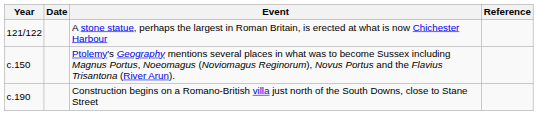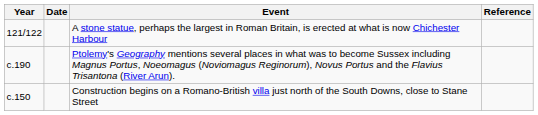 <table class="wikitable">
 <tr>
 <th TITTY>Year</th>
 <th TITTY>Date</th>
 <th>Event</th>
 <th>Reference</th>
 </tr>
 <tr>
 <td>121/122</td>
 <td></td>
 <td>A <a href='#'>stone statue</a>, perhaps the largest in Roman Britain, is erected at what is now <a href='#'>Chichester Harbour</a></td>
 <td></td>
 </tr>
 <tr>
-<td>c.150</td>
+<td>c.190</td>
 <td></td>
 <td><a href='#'>Ptolemy</a>'s <em><a href='#'>Geography</a></em> mentions several places in what was to become Sussex including <em>Magnus Portus</em>, <em>Noeomagus</em> (<em>Noviomagus Reginorum</em>), <em>Novus Portus</em> and the <em>Flavius Trisantona</em> (<a href='#'>River Arun</a>).</td>
 <td></td>
 </tr>
 <tr>
-<td>c.190</td>
+<td>c.150</td>
 <td></td>
 <td>Construction begins on a Romano-British <a href='#'>villa</a> just north of the South Downs, close to Stane Street</td>
 <td></td>
 </tr>
 </table>
